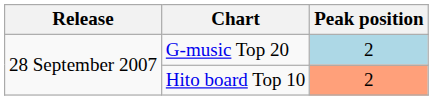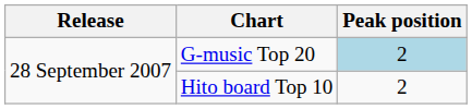 <table class="wikitable">
 <tr>
 <th>Release</th>
 <th>Chart</th>
 <th>Peak position</th>
 </tr>
 <tr>
 <td rowspan=2>28 September 2007</td>
 <td><a href='#'>G-music</a> Top 20</td>
 <td align="center" style="background: lightblue;">2</td>
 </tr>
 <tr>
 <td><a href='#'>Hito board</a> Top 10</td>
-<td style="background: lightsalmon; text-align:center;">2</td>
+<td style="text-align:center;">2</td>
 </tr>
 </table>
